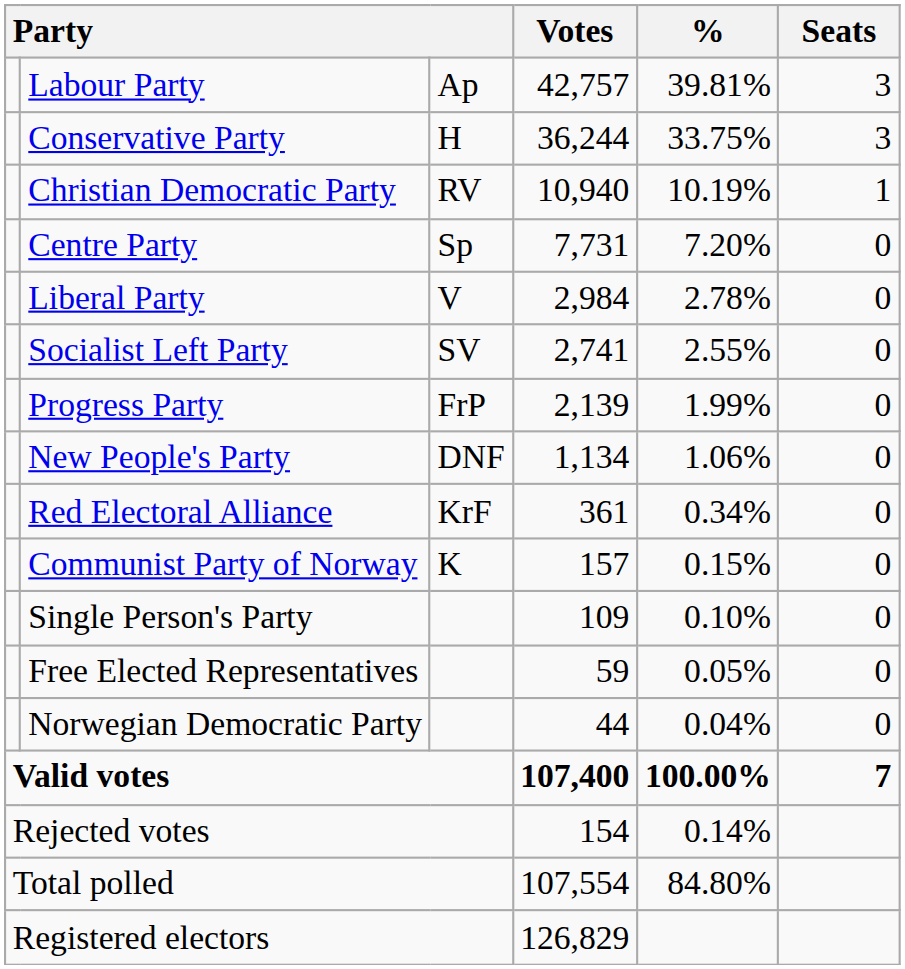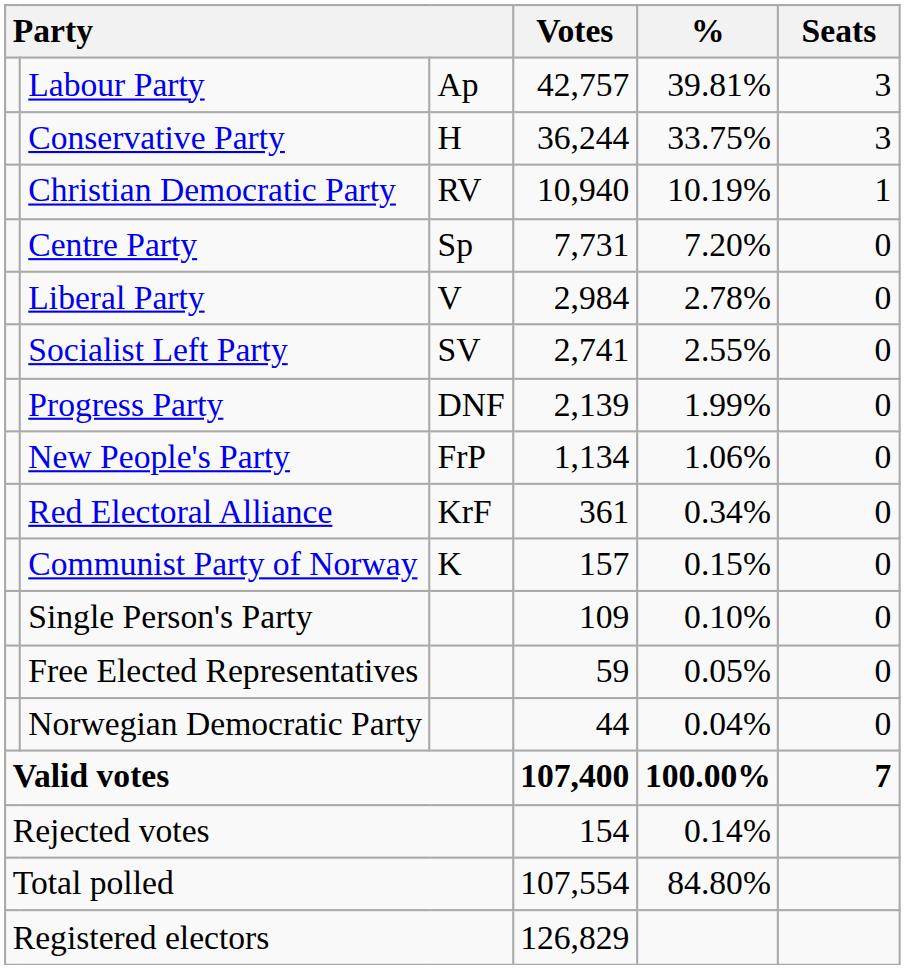 <table class="wikitable" border="1" style="text-align:right;">
 <tr>
 <th style="text-align:left;" colspan=3>Party</th>
 <th align=center width="50">Votes</th>
 <th align=center width="50">%</th>
 <th align=center width="50">Seats</th>
 </tr>
 <tr>
 <td style="color:inherit;background:"></td>
 <td align=left><a href='#'>Labour Party</a></td>
 <td align=left>Ap</td>
 <td>42,757</td>
 <td>39.81%</td>
 <td>3</td>
 </tr>
 <tr>
 <td style="color:inherit;background:"></td>
 <td align=left><a href='#'>Conservative Party</a></td>
 <td align=left>H</td>
 <td>36,244</td>
 <td>33.75%</td>
 <td>3</td>
 </tr>
 <tr>
 <td style="color:inherit;background:"></td>
 <td align=left><a href='#'>Christian Democratic Party</a></td>
 <td align=left>RV</td>
 <td>10,940</td>
 <td>10.19%</td>
 <td>1</td>
 </tr>
 <tr>
 <td style="color:inherit;background:"></td>
 <td align=left><a href='#'>Centre Party</a></td>
 <td align=left>Sp</td>
 <td>7,731</td>
 <td>7.20%</td>
 <td>0</td>
 </tr>
 <tr>
 <td style="color:inherit;background:"></td>
 <td align=left><a href='#'>Liberal Party</a></td>
 <td align=left>V</td>
 <td>2,984</td>
 <td>2.78%</td>
 <td>0</td>
 </tr>
 <tr>
 <td style="color:inherit;background:"></td>
 <td align=left><a href='#'>Socialist Left Party</a></td>
 <td align=left>SV</td>
 <td>2,741</td>
 <td>2.55%</td>
 <td>0</td>
 </tr>
 <tr>
 <td style="color:inherit;background:"></td>
 <td align=left><a href='#'>Progress Party</a></td>
-<td align=left>FrP</td>
+<td align=left>DNF</td>
 <td>2,139</td>
 <td>1.99%</td>
 <td>0</td>
 </tr>
 <tr>
 <td style="color:inherit;background:"></td>
 <td align=left><a href='#'>New People's Party</a></td>
-<td align=left>DNF</td>
+<td align=left>FrP</td>
 <td>1,134</td>
 <td>1.06%</td>
 <td>0</td>
 </tr>
 <tr>
 <td style="color:inherit;background:"></td>
 <td align=left><a href='#'>Red Electoral Alliance</a></td>
 <td align=left>KrF</td>
 <td>361</td>
 <td>0.34%</td>
 <td>0</td>
 </tr>
 <tr>
 <td style="color:inherit;background:"></td>
 <td align=left><a href='#'>Communist Party of Norway</a></td>
 <td align=left>K</td>
 <td>157</td>
 <td>0.15%</td>
 <td>0</td>
 </tr>
 <tr>
 <td></td>
 <td align=left>Single Person's Party</td>
 <td align=left></td>
 <td>109</td>
 <td>0.10%</td>
 <td>0</td>
 </tr>
 <tr>
 <td></td>
 <td align=left>Free Elected Representatives</td>
 <td align=left></td>
 <td>59</td>
 <td>0.05%</td>
 <td>0</td>
 </tr>
 <tr>
 <td></td>
 <td align=left>Norwegian Democratic Party</td>
 <td align=left></td>
 <td>44</td>
 <td>0.04%</td>
 <td>0</td>
 </tr>
 <tr style="font-weight:bold">
 <td align=left colspan=3>Valid votes</td>
 <td>107,400</td>
 <td>100.00%</td>
 <td>7</td>
 </tr>
 <tr>
 <td align=left colspan=3>Rejected votes</td>
 <td>154</td>
 <td>0.14%</td>
 <td></td>
 </tr>
 <tr>
 <td align=left colspan=3>Total polled</td>
 <td>107,554</td>
 <td>84.80%</td>
 <td></td>
 </tr>
 <tr>
 <td align=left colspan=3>Registered electors</td>
 <td>126,829</td>
 <td></td>
 <td></td>
 </tr>
 </table>
